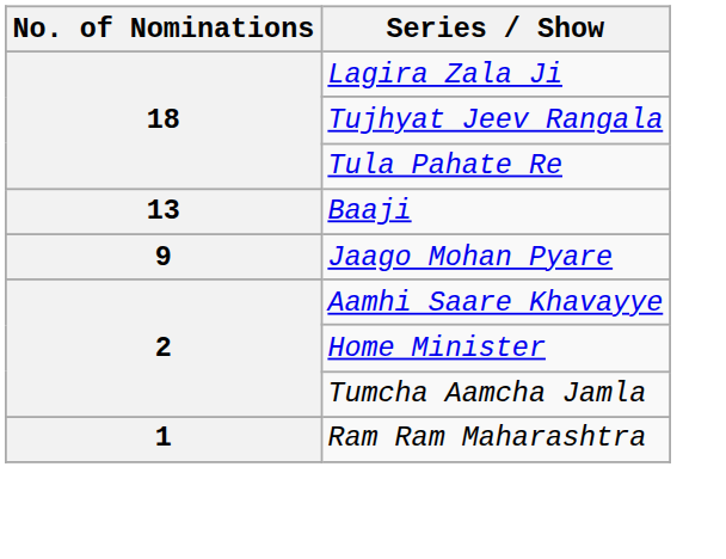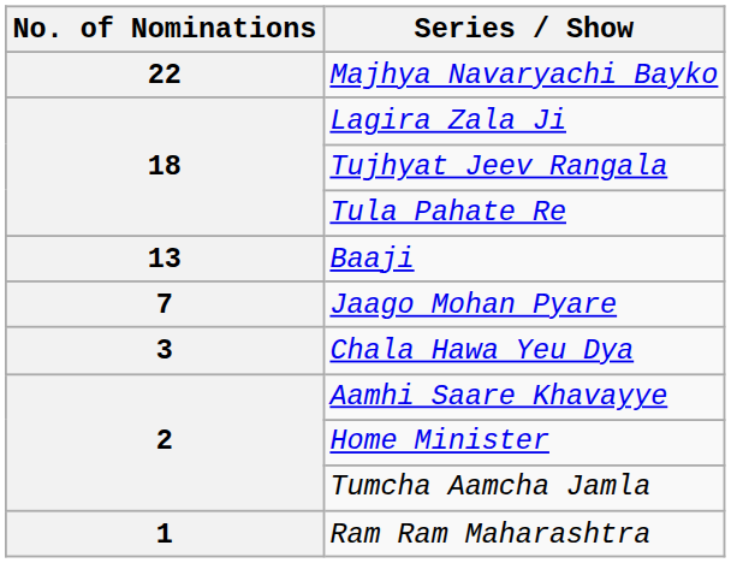 <table class="wikitable" style="display:inline-table;">
 <tr>
 <th>No. of Nominations</th>
 <th>Series / Show</th>
+</tr>
+<tr>
+<th>22</th>
+<td><em><a href='#'>Majhya Navaryachi Bayko</a></em></td>
 </tr>
 <tr>
 <th rowspan="3">18</th>
 <td><em><a href='#'>Lagira Zala Ji</a></em></td>
 </tr>
 <tr>
 <td><em><a href='#'>Tujhyat Jeev Rangala</a></em></td>
 </tr>
 <tr>
 <td><em><a href='#'>Tula Pahate Re</a></em></td>
 </tr>
 <tr>
 <th>13</th>
 <td><em><a href='#'>Baaji</a></em></td>
 </tr>
 <tr>
-<th>9</th>
+<th>7</th>
 <td><em><a href='#'>Jaago Mohan Pyare</a></em></td>
+</tr>
+<tr>
+<th>3</th>
+<td><em><a href='#'>Chala Hawa Yeu Dya</a></em></td>
 </tr>
 <tr>
 <th rowspan="3">2</th>
 <td><em><a href='#'>Aamhi Saare Khavayye</a></em></td>
 </tr>
 <tr>
 <td><em><a href='#'>Home Minister</a></em></td>
 </tr>
 <tr>
 <td><em>Tumcha Aamcha Jamla</em></td>
 </tr>
 <tr>
 <th>1</th>
 <td><em>Ram Ram Maharashtra</em></td>
 </tr>
 </table>
